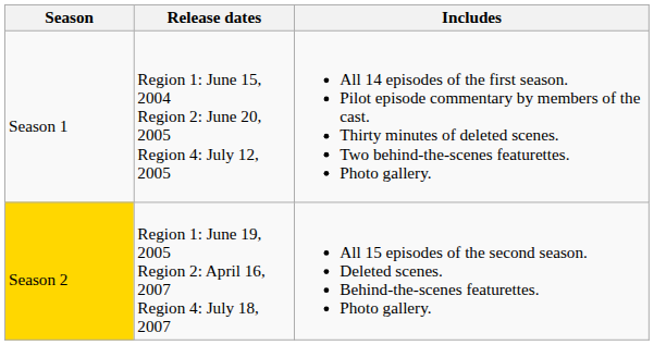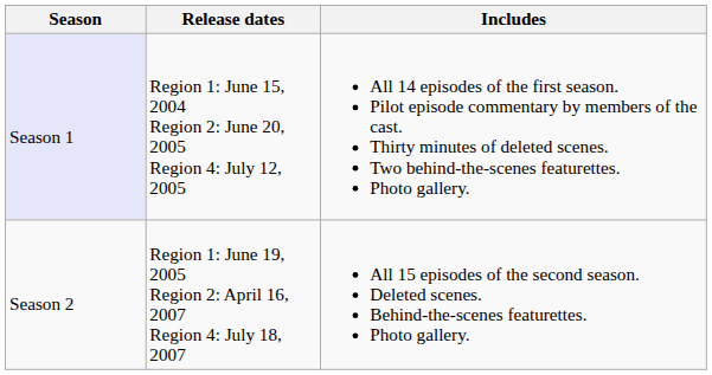 <table class="wikitable" width="100%">
 <tr>
 <th width=20%>Season</th>
 <th width=25%>Release dates</th>
 <th>Includes</th>
 </tr>
 <tr>
-<td><div><br>Season 1 </div></td>
+<td style="background: lavender;"><div><br>Season 1 </div></td>
 <td><div><br>Region 1: June 15, 2004<br> Region 2: June 20, 2005<br> Region 4: July 12, 2005 </div></td>
 <td><br><ul><li>All 14 episodes of the first season.</li><li>Pilot episode commentary by members of the cast.</li><li>Thirty minutes of deleted scenes.</li><li>Two behind-the-scenes featurettes.</li><li>Photo gallery.</li></ul></td>
 </tr>
 <tr>
-<td style="background: gold;"><div><br>Season 2 </div></td>
+<td><div><br>Season 2 </div></td>
 <td><div><br>Region 1: June 19, 2005<br> Region 2: April 16, 2007<br> Region 4: July 18, 2007 </div></td>
 <td><br><ul><li>All 15 episodes of the second season.</li><li>Deleted scenes.</li><li>Behind-the-scenes featurettes.</li><li>Photo gallery.</li></ul></td>
 </tr>
 </table>
